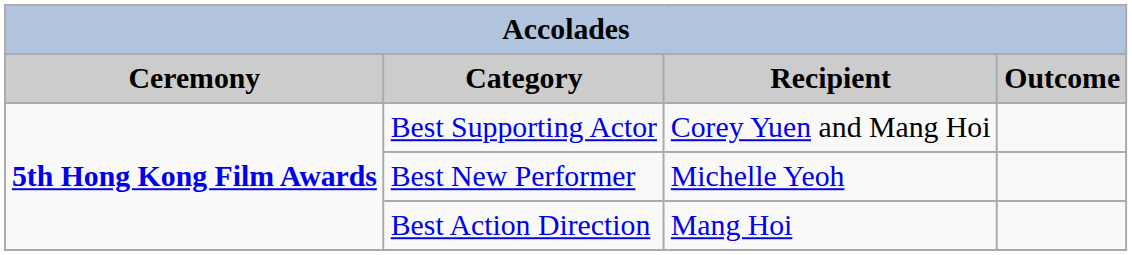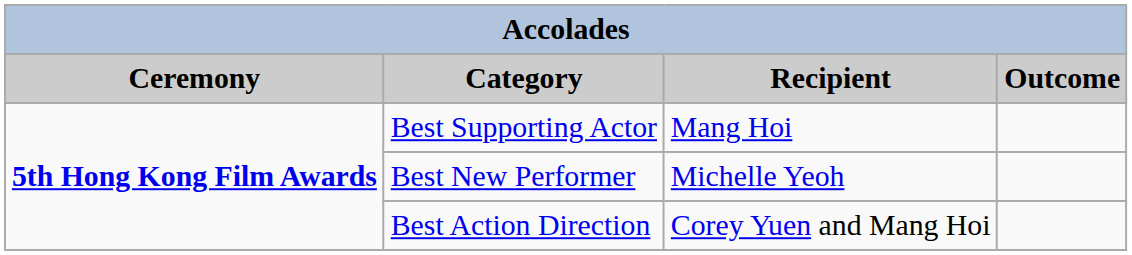 <table class="wikitable" style="font-size:95%;" ;>
 <tr style="background:#ccc; text-align:center;">
 <th colspan="4" style="background: LightSteelBlue;">Accolades</th>
 </tr>
 <tr style="background:#ccc; text-align:center;">
 <th style="background:#ccc">Ceremony</th>
 <th style="background:#ccc">Category</th>
 <th style="background:#ccc">Recipient</th>
 <th style="background:#ccc">Outcome</th>
 </tr>
 <tr>
 <td rowspan="3"><strong><a href='#'>5th Hong Kong Film Awards</a></strong></td>
 <td><a href='#'>Best Supporting Actor</a></td>
-<td><a href='#'>Corey Yuen</a> and Mang Hoi</td>
+<td><a href='#'>Mang Hoi</a></td>
 <td></td>
 </tr>
 <tr>
 <td><a href='#'>Best New Performer</a></td>
 <td><a href='#'>Michelle Yeoh</a></td>
 <td></td>
 </tr>
 <tr>
 <td><a href='#'>Best Action Direction</a></td>
-<td><a href='#'>Mang Hoi</a></td>
+<td><a href='#'>Corey Yuen</a> and Mang Hoi</td>
 <td></td>
 </tr>
 <tr>
 </tr>
 </table>
